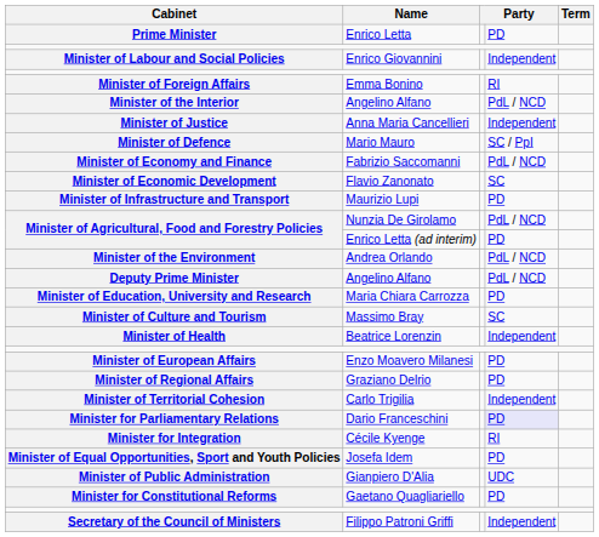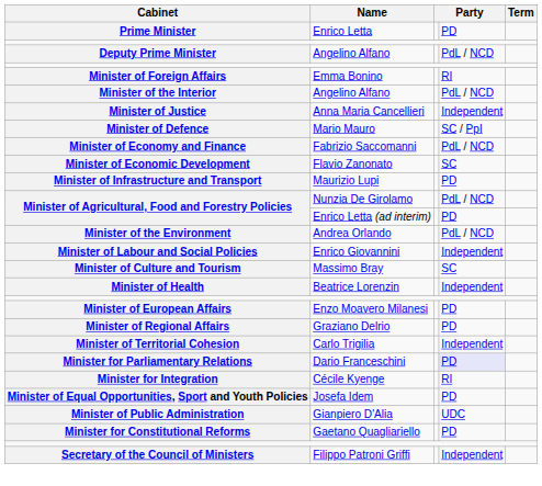 <table class="wikitable">
 <tr>
 <th>Cabinet</th>
 <th>Name</th>
 <th colspan=2>Party</th>
 <th>Term</th>
 </tr>
 <tr>
 <th><a href='#'>Prime Minister</a></th>
 <td><a href='#'>Enrico Letta</a></td>
 <td style="color:inherit;background:"></td>
 <td><a href='#'>PD</a></td>
 <td></td>
 </tr>
 <tr>
 <td colspan=5></td>
 </tr>
 <tr>
-<th><a href='#'>Minister of Labour and Social Policies</a></th>
-<td><a href='#'>Enrico Giovannini</a></td>
+<th><a href='#'>Deputy Prime Minister</a></th>
+<td><a href='#'>Angelino Alfano</a></td>
 <td style="color:inherit;background:"></td>
-<td><a href='#'>Independent</a></td>
+<td><a href='#'>PdL</a> / <a href='#'>NCD</a></td>
 <td></td>
 </tr>
 <tr>
 <td colspan=5></td>
 </tr>
 <tr>
 <th><a href='#'>Minister of Foreign Affairs</a></th>
 <td><a href='#'>Emma Bonino</a></td>
 <td style="color:inherit;background:"></td>
 <td><a href='#'>RI</a></td>
 <td></td>
 </tr>
 <tr>
 <th><a href='#'>Minister of the Interior</a></th>
 <td><a href='#'>Angelino Alfano</a></td>
 <td style="color:inherit;background:"></td>
 <td><a href='#'>PdL</a> / <a href='#'>NCD</a></td>
 <td></td>
 </tr>
 <tr>
 <th><a href='#'>Minister of Justice</a></th>
 <td><a href='#'>Anna Maria Cancellieri</a></td>
 <td style="color:inherit;background:"></td>
 <td><a href='#'>Independent</a></td>
 <td></td>
 </tr>
 <tr>
 <th><a href='#'>Minister of Defence</a></th>
 <td><a href='#'>Mario Mauro</a></td>
 <td style="color:inherit;background:"></td>
 <td><a href='#'>SC</a> / <a href='#'>PpI</a></td>
 <td></td>
 </tr>
 <tr>
 <th><a href='#'>Minister of Economy and Finance</a></th>
 <td><a href='#'>Fabrizio Saccomanni</a></td>
 <td style="color:inherit;background:"></td>
 <td><a href='#'>PdL</a> / <a href='#'>NCD</a></td>
 <td></td>
 </tr>
 <tr>
 <th><a href='#'>Minister of Economic Development</a></th>
 <td><a href='#'>Flavio Zanonato</a></td>
 <td style="color:inherit;background:"></td>
 <td><a href='#'>SC</a></td>
 <td></td>
 </tr>
 <tr>
 <th><a href='#'>Minister of Infrastructure and Transport</a></th>
 <td><a href='#'>Maurizio Lupi</a></td>
 <td style="color:inherit;background:"></td>
 <td><a href='#'>PD</a></td>
 <td></td>
 </tr>
 <tr>
 <th rowspan=2><a href='#'>Minister of Agricultural, Food and Forestry Policies</a></th>
 <td><a href='#'>Nunzia De Girolamo</a></td>
 <td style="color:inherit;background:"></td>
 <td><a href='#'>PdL</a> / <a href='#'>NCD</a></td>
 <td></td>
 </tr>
 <tr>
 <td><a href='#'>Enrico Letta</a> <em>(ad interim)</em></td>
 <td style="color:inherit;background:"></td>
 <td><a href='#'>PD</a></td>
 <td></td>
 </tr>
 <tr>
 <th><a href='#'>Minister of the Environment</a></th>
 <td><a href='#'>Andrea Orlando</a></td>
 <td style="color:inherit;background:"></td>
 <td><a href='#'>PdL</a> / <a href='#'>NCD</a></td>
 <td></td>
 </tr>
 <tr>
-<th><a href='#'>Deputy Prime Minister</a></th>
-<td><a href='#'>Angelino Alfano</a></td>
+<th><a href='#'>Minister of Labour and Social Policies</a></th>
+<td><a href='#'>Enrico Giovannini</a></td>
 <td style="color:inherit;background:"></td>
-<td><a href='#'>PdL</a> / <a href='#'>NCD</a></td>
-<td></td>
-</tr>
-<tr>
-<th><a href='#'>Minister of Education, University and Research</a></th>
-<td><a href='#'>Maria Chiara Carrozza</a></td>
-<td style="color:inherit;background:"></td>
-<td><a href='#'>PD</a></td>
+<td><a href='#'>Independent</a></td>
 <td></td>
 </tr>
 <tr>
 <th><a href='#'>Minister of Culture and Tourism</a></th>
 <td><a href='#'>Massimo Bray</a></td>
 <td style="color:inherit;background:"></td>
 <td><a href='#'>SC</a></td>
 <td></td>
 </tr>
 <tr>
 <th><a href='#'>Minister of Health</a></th>
 <td><a href='#'>Beatrice Lorenzin</a></td>
 <td style="color:inherit;background:"></td>
 <td><a href='#'>Independent</a></td>
 <td></td>
 </tr>
 <tr>
 <td colspan=5></td>
 </tr>
 <tr>
 <th><a href='#'>Minister of European Affairs</a></th>
 <td><a href='#'>Enzo Moavero Milanesi</a></td>
 <td style="color:inherit;background:"></td>
 <td><a href='#'>PD</a></td>
 <td></td>
 </tr>
 <tr>
 <th><a href='#'>Minister of Regional Affairs</a></th>
 <td><a href='#'>Graziano Delrio</a></td>
 <td style="color:inherit;background:"></td>
 <td><a href='#'>PD</a></td>
 <td></td>
 </tr>
 <tr>
 <th><a href='#'>Minister of Territorial Cohesion</a></th>
 <td><a href='#'>Carlo Trigilia</a></td>
 <td style="color:inherit;background:"></td>
 <td><a href='#'>Independent</a></td>
 <td></td>
 </tr>
 <tr>
 <th><a href='#'>Minister for Parliamentary Relations</a></th>
 <td><a href='#'>Dario Franceschini</a></td>
 <td style="color:inherit;background:"></td>
 <td style="background: lavender;"><a href='#'>PD</a></td>
 <td></td>
 </tr>
 <tr>
 <th><a href='#'>Minister for Integration</a></th>
 <td><a href='#'>Cécile Kyenge</a></td>
 <td style="color:inherit;background:"></td>
 <td><a href='#'>RI</a></td>
 <td></td>
 </tr>
 <tr>
 <th><a href='#'>Minister of Equal Opportunities</a>, <a href='#'>Sport</a> and Youth Policies</th>
 <td><a href='#'>Josefa Idem</a></td>
 <td style="color:inherit;background:"></td>
 <td><a href='#'>PD</a></td>
 <td></td>
 </tr>
 <tr>
 <th><a href='#'>Minister of Public Administration</a></th>
 <td><a href='#'>Gianpiero D'Alia</a></td>
 <td style="color:inherit;background:"></td>
 <td><a href='#'>UDC</a></td>
 <td></td>
 </tr>
 <tr>
 <th><a href='#'>Minister for Constitutional Reforms</a></th>
 <td><a href='#'>Gaetano Quagliariello</a></td>
 <td style="color:inherit;background:"></td>
 <td><a href='#'>PD</a></td>
 <td></td>
 </tr>
 <tr>
 <td colspan=5></td>
 </tr>
 <tr>
 <th><a href='#'>Secretary of the Council of Ministers</a></th>
 <td><a href='#'>Filippo Patroni Griffi</a></td>
 <td style="color:inherit;background:"></td>
 <td><a href='#'>Independent</a></td>
 <td></td>
 </tr>
 </table>
